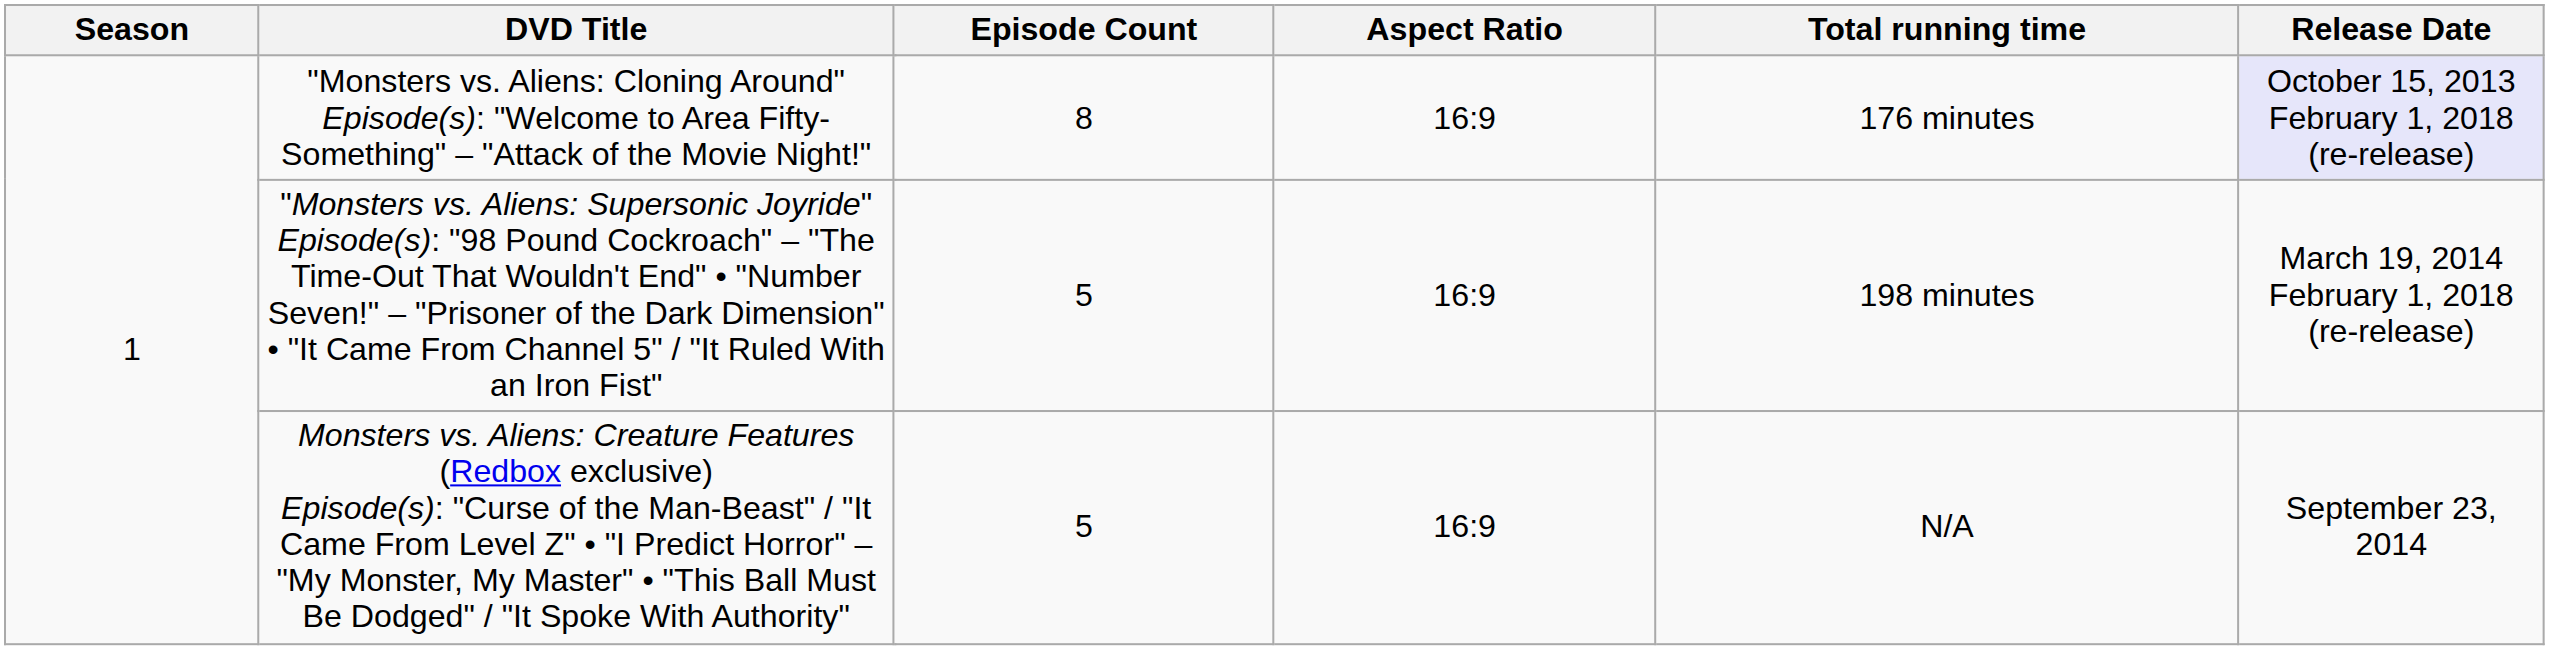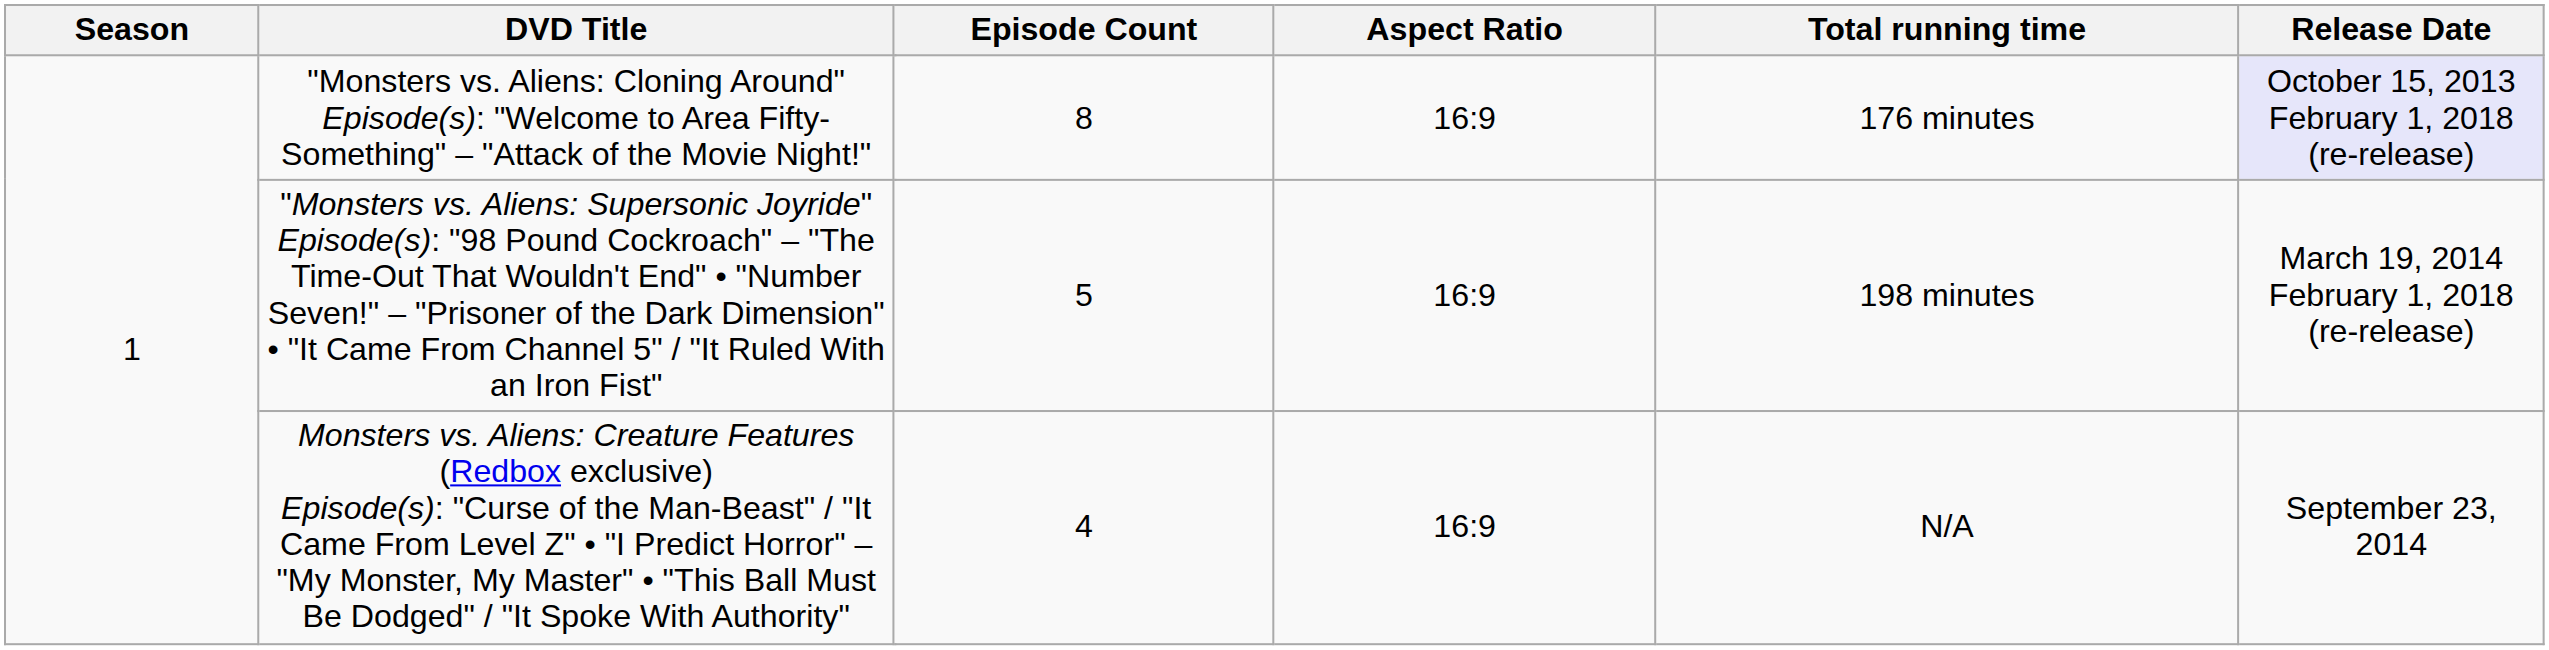 <table class="wikitable" width="100%" style="vertical-align:top;">
 <tr>
 <th width="10%">Season</th>
 <th colspan="2" width="25%">DVD Title</th>
 <th width="15%">Episode Count</th>
 <th width="15%">Aspect Ratio</th>
 <th width="23%">Total running time</th>
 <th width="12%">Release Date</th>
 </tr>
 <tr>
 <td rowspan="3" align="center">1</td>
 <td colspan="2" align="center">"Monsters vs. Aliens: Cloning Around" <br><em>Episode(s)</em>: "Welcome to Area Fifty-Something" – "Attack of the Movie Night!"</td>
 <td rowspan="1" align="center">8</td>
 <td rowspan="1" align="center">16:9</td>
 <td align="center">176 minutes</td>
 <td align="center" style="background: lavender;">October 15, 2013<br>February 1, 2018 (re-release)</td>
 </tr>
 <tr>
 <td colspan="2" align="center">"<em>Monsters vs. Aliens: Supersonic Joyride</em>"<br><em>Episode(s)</em>: "98 Pound Cockroach" – "The Time-Out That Wouldn't End" • "Number Seven!" – "Prisoner of the Dark Dimension" • "It Came From Channel 5" / "It Ruled With an Iron Fist"</td>
 <td rowspan="1" align="center">5</td>
 <td rowspan="1" align="center">16:9</td>
 <td align="center">198 minutes</td>
 <td align="center">March 19, 2014<br>February 1, 2018 (re-release)</td>
 </tr>
 <tr>
 <td colspan="2" align="center"><em>Monsters vs. Aliens: Creature Features</em> (<a href='#'>Redbox</a> exclusive)<br><em>Episode(s)</em>: "Curse of the Man-Beast" / "It Came From Level Z" • "I Predict Horror" – "My Monster, My Master" • "This Ball Must Be Dodged" / "It Spoke With Authority"</td>
-<td rowspan="1" align="center">5</td>
+<td rowspan="1" align="center">4</td>
 <td rowspan="1" align="center">16:9</td>
 <td align="center">N/A</td>
 <td align="center">September 23, 2014</td>
 </tr>
 </table>
